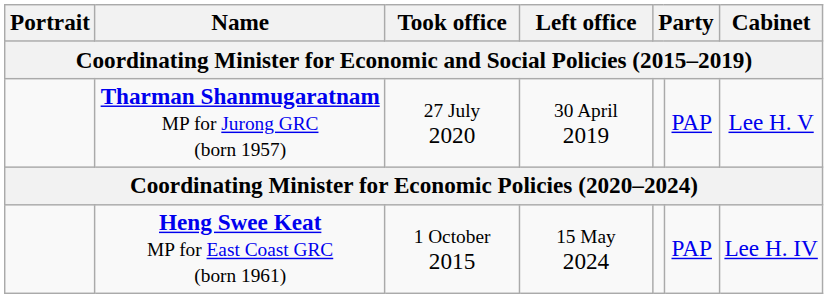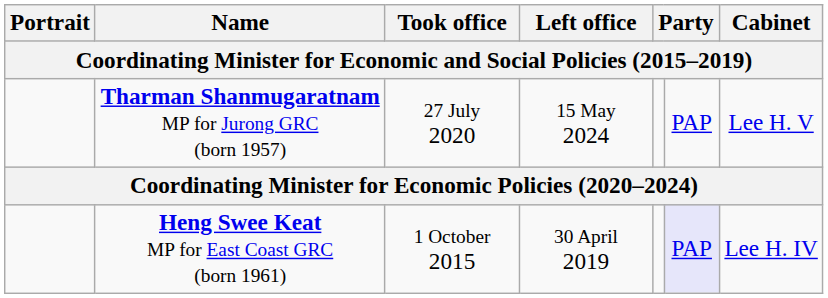 <table class="wikitable" style="text-align:center; border:1px #aaf solid;">
 <tr>
 <th>Portrait</th>
 <th>Name<br></th>
 <th width="85">Took office</th>
 <th width="85">Left office</th>
 <th colspan="2">Party</th>
 <th>Cabinet</th>
 </tr>
 <tr>
 <th colspan="7">Coordinating Minister for Economic and Social Policies (2015–2019)</th>
 </tr>
 <tr>
 <td></td>
 <td><strong><a href='#'>Tharman Shanmugaratnam</a></strong><br><small>MP for <a href='#'>Jurong GRC</a></small><br><small>(born 1957)</small></td>
 <td><small>27 July</small><br>2020</td>
-<td><small>30 April</small><br>2019</td>
+<td><small>15 May</small><br>2024</td>
 <td style="background:"></td>
 <td><a href='#'>PAP</a></td>
 <td><a href='#'>Lee H. V</a></td>
 </tr>
 <tr>
 <th colspan="7">Coordinating Minister for Economic Policies (2020–2024)</th>
 </tr>
 <tr>
 <td></td>
 <td><strong><a href='#'>Heng Swee Keat</a></strong><br><small>MP for <a href='#'>East Coast GRC</a></small><br><small>(born 1961)</small></td>
 <td><small>1 October</small><br>2015</td>
-<td><small>15 May</small><br>2024</td>
+<td><small>30 April</small><br>2019</td>
 <td style="background:"></td>
-<td><a href='#'>PAP</a></td>
+<td style="background: lavender;"><a href='#'>PAP</a></td>
 <td><a href='#'>Lee H. IV</a></td>
 </tr>
 </table>
